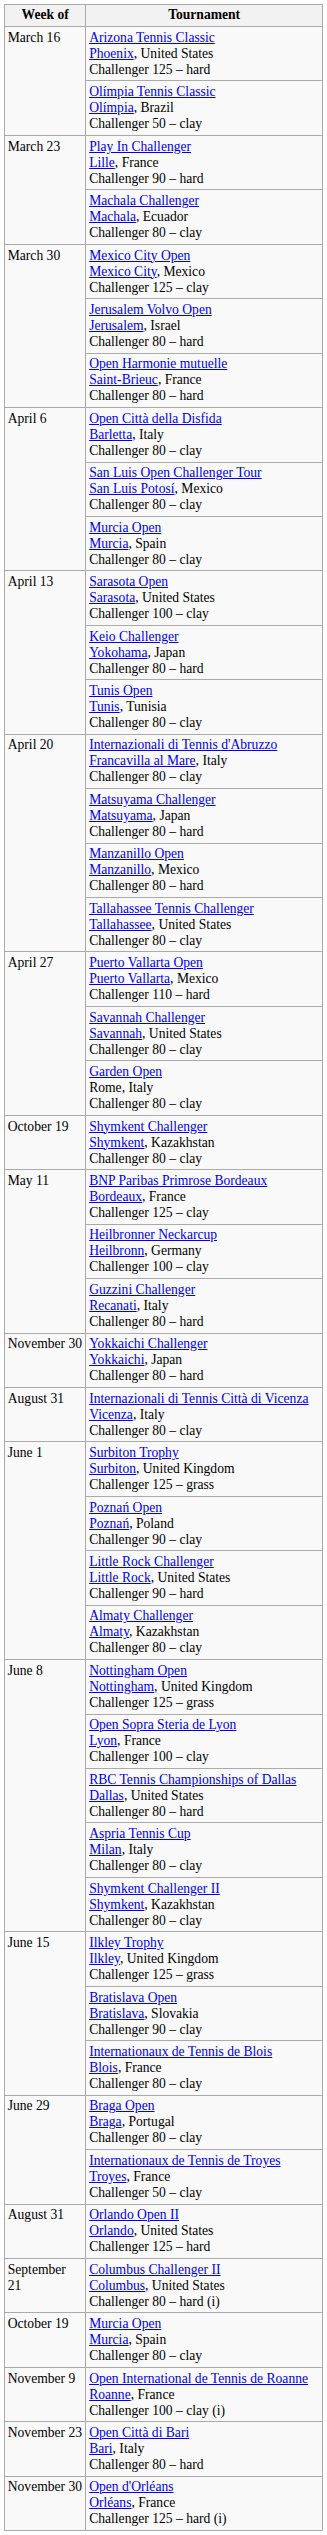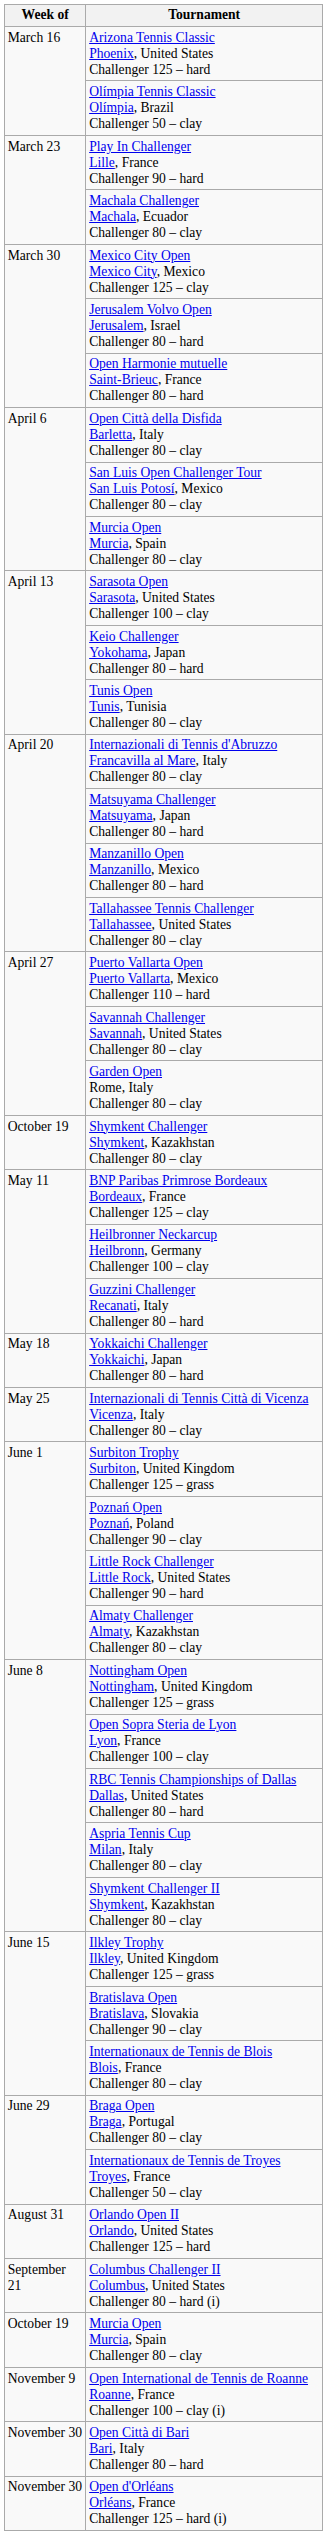 <table class=wikitable style=font-size:85%>
 <tr>
 <th width=75>Week of</th>
 <th width=230>Tournament</th>
 </tr>
 <tr valign=top>
 <td rowspan=2>March 16</td>
 <td><a href='#'>Arizona Tennis Classic</a><br><a href='#'>Phoenix</a>, United States <br> Challenger 125 – hard</td>
 </tr>
 <tr valign=top>
 <td><a href='#'>Olímpia Tennis Classic</a><br><a href='#'>Olímpia</a>, Brazil <br> Challenger 50 – clay</td>
 </tr>
 <tr valign=top>
 <td rowspan=2>March 23</td>
 <td><a href='#'>Play In Challenger</a><br><a href='#'>Lille</a>, France <br> Challenger 90 – hard</td>
 </tr>
 <tr valign=top>
 <td><a href='#'>Machala Challenger</a><br><a href='#'>Machala</a>, Ecuador <br> Challenger 80 – clay</td>
 </tr>
 <tr valign=top>
 <td rowspan=3>March 30</td>
 <td><a href='#'>Mexico City Open</a><br><a href='#'>Mexico City</a>, Mexico <br> Challenger 125 – clay</td>
 </tr>
 <tr valign=top>
 <td><a href='#'>Jerusalem Volvo Open</a><br><a href='#'>Jerusalem</a>, Israel <br> Challenger 80 – hard</td>
 </tr>
 <tr valign=top>
 <td><a href='#'>Open Harmonie mutuelle</a><br><a href='#'>Saint-Brieuc</a>, France <br> Challenger 80 – hard</td>
 </tr>
 <tr valign=top>
 <td rowspan=3>April 6</td>
 <td><a href='#'>Open Città della Disfida</a><br><a href='#'>Barletta</a>, Italy <br> Challenger 80 – clay</td>
 </tr>
 <tr valign=top>
 <td><a href='#'>San Luis Open Challenger Tour</a><br><a href='#'>San Luis Potosí</a>, Mexico <br> Challenger 80 – clay</td>
 </tr>
 <tr valign=top>
 <td><a href='#'>Murcia Open</a><br><a href='#'>Murcia</a>, Spain <br> Challenger 80 – clay</td>
 </tr>
 <tr valign=top>
 <td rowspan=3>April 13</td>
 <td><a href='#'>Sarasota Open</a><br><a href='#'>Sarasota</a>, United States <br> Challenger 100 – clay</td>
 </tr>
 <tr valign=top>
 <td><a href='#'>Keio Challenger</a><br><a href='#'>Yokohama</a>, Japan <br> Challenger 80 – hard</td>
 </tr>
 <tr valign=top>
 <td><a href='#'>Tunis Open</a><br><a href='#'>Tunis</a>, Tunisia <br> Challenger 80 – clay</td>
 </tr>
 <tr valign=top>
 <td rowspan=4>April 20</td>
 <td><a href='#'>Internazionali di Tennis d'Abruzzo</a><br><a href='#'>Francavilla al Mare</a>, Italy <br> Challenger 80 – clay</td>
 </tr>
 <tr valign=top>
 <td><a href='#'>Matsuyama Challenger</a><br><a href='#'>Matsuyama</a>, Japan <br> Challenger 80 – hard</td>
 </tr>
 <tr valign=top>
 <td><a href='#'>Manzanillo Open</a><br><a href='#'>Manzanillo</a>, Mexico <br> Challenger 80 – hard</td>
 </tr>
 <tr valign=top>
 <td><a href='#'>Tallahassee Tennis Challenger</a><br><a href='#'>Tallahassee</a>, United States <br> Challenger 80 – clay</td>
 </tr>
 <tr valign=top>
 <td rowspan=3>April 27</td>
 <td><a href='#'>Puerto Vallarta Open</a><br><a href='#'>Puerto Vallarta</a>, Mexico <br> Challenger 110 – hard</td>
 </tr>
 <tr valign=top>
 <td><a href='#'>Savannah Challenger</a><br><a href='#'>Savannah</a>, United States <br> Challenger 80 – clay</td>
 </tr>
 <tr valign=top>
 <td><a href='#'>Garden Open</a><br>Rome, Italy <br> Challenger 80 – clay</td>
 </tr>
 <tr valign=top>
 <td>October 19</td>
 <td><a href='#'>Shymkent Challenger</a><br><a href='#'>Shymkent</a>, Kazakhstan <br> Challenger 80 – clay</td>
 </tr>
 <tr valign=top>
 <td rowspan=3>May 11</td>
 <td><a href='#'>BNP Paribas Primrose Bordeaux</a><br><a href='#'>Bordeaux</a>, France <br> Challenger 125 – clay</td>
 </tr>
 <tr valign=top>
 <td><a href='#'>Heilbronner Neckarcup</a><br><a href='#'>Heilbronn</a>, Germany <br> Challenger 100 – clay</td>
 </tr>
 <tr valign=top>
 <td><a href='#'>Guzzini Challenger</a><br><a href='#'>Recanati</a>, Italy <br> Challenger 80 – hard</td>
 </tr>
 <tr valign=top>
-<td>November 30</td>
+<td>May 18</td>
 <td><a href='#'>Yokkaichi Challenger</a><br><a href='#'>Yokkaichi</a>, Japan <br> Challenger 80 – hard</td>
 </tr>
 <tr valign=top>
-<td>August 31</td>
+<td>May 25</td>
 <td><a href='#'>Internazionali di Tennis Città di Vicenza</a><br><a href='#'>Vicenza</a>, Italy <br> Challenger 80 – clay</td>
 </tr>
 <tr valign=top>
 <td rowspan=4>June 1</td>
 <td><a href='#'>Surbiton Trophy</a><br><a href='#'>Surbiton</a>, United Kingdom <br> Challenger 125 – grass</td>
 </tr>
 <tr valign=top>
 <td><a href='#'>Poznań Open</a><br><a href='#'>Poznań</a>, Poland <br> Challenger 90 – clay</td>
 </tr>
 <tr valign=top>
 <td><a href='#'>Little Rock Challenger</a><br><a href='#'>Little Rock</a>, United States <br> Challenger 90 – hard</td>
 </tr>
 <tr valign=top>
 <td><a href='#'>Almaty Challenger</a><br><a href='#'>Almaty</a>, Kazakhstan <br> Challenger 80 – clay</td>
 </tr>
 <tr valign=top>
 <td rowspan=5>June 8</td>
 <td><a href='#'>Nottingham Open</a><br><a href='#'>Nottingham</a>, United Kingdom <br> Challenger 125 – grass</td>
 </tr>
 <tr valign=top>
 <td><a href='#'>Open Sopra Steria de Lyon</a><br><a href='#'>Lyon</a>, France <br> Challenger 100 – clay</td>
 </tr>
 <tr valign=top>
 <td><a href='#'>RBC Tennis Championships of Dallas</a><br><a href='#'>Dallas</a>, United States <br> Challenger 80 – hard</td>
 </tr>
 <tr valign=top>
 <td><a href='#'>Aspria Tennis Cup</a><br><a href='#'>Milan</a>, Italy <br> Challenger 80 – clay</td>
 </tr>
 <tr valign=top>
 <td><a href='#'>Shymkent Challenger II</a><br><a href='#'>Shymkent</a>, Kazakhstan <br> Challenger 80 – clay</td>
 </tr>
 <tr valign=top>
 <td rowspan=3>June 15</td>
 <td><a href='#'>Ilkley Trophy</a><br><a href='#'>Ilkley</a>, United Kingdom <br> Challenger 125 – grass</td>
 </tr>
 <tr valign=top>
 <td><a href='#'>Bratislava Open</a><br><a href='#'>Bratislava</a>, Slovakia <br> Challenger 90 – clay</td>
 </tr>
 <tr valign=top>
 <td><a href='#'>Internationaux de Tennis de Blois</a><br><a href='#'>Blois</a>, France <br> Challenger 80 – clay</td>
 </tr>
 <tr valign=top>
 <td rowspan=2>June 29</td>
 <td><a href='#'>Braga Open</a><br><a href='#'>Braga</a>, Portugal <br> Challenger 80 – clay</td>
 </tr>
 <tr valign=top>
 <td><a href='#'>Internationaux de Tennis de Troyes</a><br><a href='#'>Troyes</a>, France <br> Challenger 50 – clay</td>
 </tr>
 <tr valign=top>
 <td>August 31</td>
 <td><a href='#'>Orlando Open II</a><br><a href='#'>Orlando</a>, United States <br> Challenger 125 – hard</td>
 </tr>
 <tr valign=top>
 <td>September 21</td>
 <td><a href='#'>Columbus Challenger II</a><br><a href='#'>Columbus</a>, United States <br> Challenger 80 – hard (i)</td>
 </tr>
 <tr valign=top>
 <td>October 19</td>
 <td><a href='#'>Murcia Open</a><br><a href='#'>Murcia</a>, Spain <br> Challenger 80 – clay</td>
 </tr>
 <tr valign=top>
 <td>November 9</td>
 <td><a href='#'>Open International de Tennis de Roanne</a><br><a href='#'>Roanne</a>, France <br> Challenger 100 – clay (i)</td>
 </tr>
 <tr valign=top>
-<td>November 23</td>
+<td>November 30</td>
 <td><a href='#'>Open Città di Bari</a><br><a href='#'>Bari</a>, Italy <br> Challenger 80 – hard</td>
 </tr>
 <tr valign=top>
 <td>November 30</td>
 <td><a href='#'>Open d'Orléans</a><br><a href='#'>Orléans</a>, France <br> Challenger 125 – hard (i)</td>
 </tr>
 </table>
